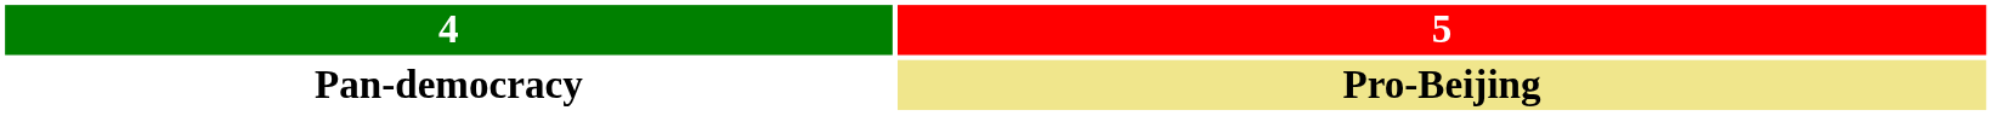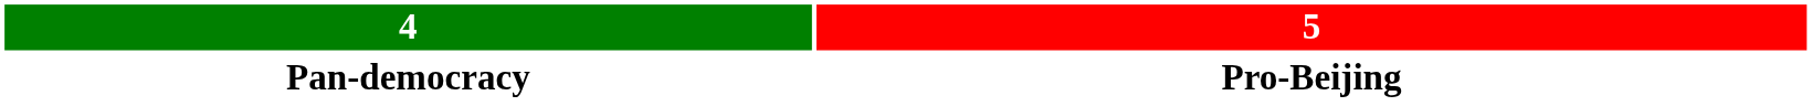 <table style="width:50%; text-align:center;">
 <tr style="color:white;">
 <td style="background:green; width:44%;"><strong>4</strong></td>
 <td style="background:red; width:54%;"><strong>5</strong></td>
 </tr>
 <tr>
 <td><span><strong>Pan-democracy</strong></span></td>
-<td style="background: khaki;"><span><strong>Pro-Beijing</strong></span></td>
+<td><span><strong>Pro-Beijing</strong></span></td>
 </tr>
 </table>
